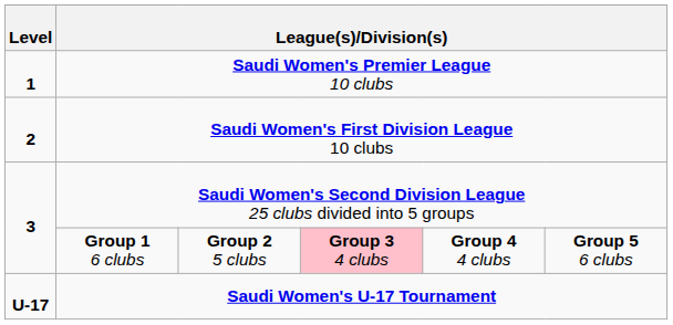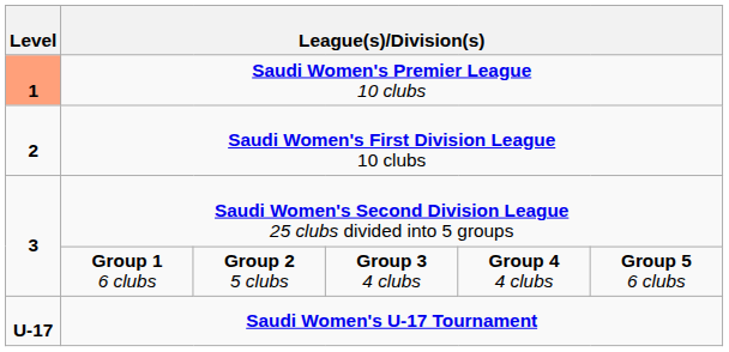 <table class="wikitable" style="text-align: center;" width="100%">
 <tr>
 </tr>
 <tr>
 <th width="4%"><br>Level</th>
 <th colspan="6" width="96%"><br>League(s)/Division(s)</th>
 </tr>
 <tr>
-<td width="4%"><br><strong>1</strong></td>
+<td width="4%" style="background: lightsalmon;"><br><strong>1</strong></td>
 <td colspan="12" width="96%"><strong><a href='#'>Saudi Women's Premier League</a></strong><br><em>10 clubs</em></td>
 </tr>
 <tr>
 <td width="4%"><br><strong>2</strong></td>
 <td colspan="12" width="96%"><br><strong><a href='#'>Saudi Women's First Division League</a></strong><br>10 clubs</td>
 </tr>
 <tr>
 <td colspan="1" rowspan="2" width="4%"><br><strong>3</strong></td>
 <td colspan="5" width="96%"><br><strong><a href='#'>Saudi Women's Second Division League</a></strong><br><em>25 clubs</em> divided into 5 groups</td>
 </tr>
 <tr>
 <td align="center"><strong>Group 1</strong> <br> <em>6 clubs</em></td>
 <td align="center"><strong>Group 2</strong> <br> <em>5 clubs</em></td>
-<td align="center" style="background: pink;"><strong>Group 3</strong> <br> <em>4 clubs</em></td>
+<td align="center"><strong>Group 3</strong> <br> <em>4 clubs</em></td>
 <td align="center"><strong>Group 4</strong> <br> <em>4 clubs</em></td>
 <td align="center"><strong>Group 5</strong> <br> <em>6 clubs</em></td>
 </tr>
 <tr>
 <td width="4%"><br><strong>U-17</strong></td>
 <td colspan="11"><strong><a href='#'>Saudi Women's U-17 Tournament</a></strong></td>
 </tr>
 </table>
